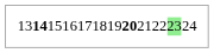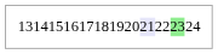 <table Cellpadding="0" CellSpacing="0" border=0 style="font-size:90%;border:1px solid #AAAAAA;padding:10px">
 <tr valign="bottom">
 <td></td>
 <td></td>
 <td></td>
 <td></td>
 <td></td>
 <td></td>
 <td></td>
 <td></td>
 <td></td>
 <td></td>
 <td></td>
 <td></td>
 </tr>
 <tr align=center style="font-size:90%;">
 <td>13</td>
-<td><strong>14</strong></td>
+<td>14</td>
 <td>15</td>
 <td>16</td>
 <td>17</td>
 <td>18</td>
 <td>19</td>
-<td><strong>20</strong></td>
-<td>21</td>
+<td>20</td>
+<td style="background: lavender;">21</td>
 <td>22</td>
 <td style="background: lightgreen;">23</td>
 <td>24</td>
 </tr>
 </table>
